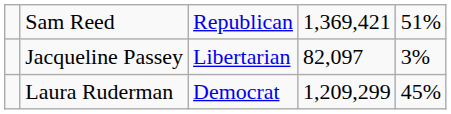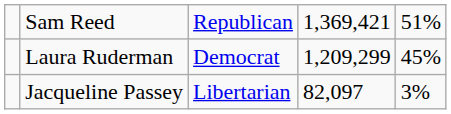 <table class="wikitable">
 <tr>
 <td style="background-color:"> </td>
 <td>Sam Reed</td>
 <td><a href='#'>Republican</a></td>
 <td>1,369,421</td>
 <td>51%</td>
 </tr>
 <tr>
 <td style="background-color:"> </td>
+<td>Laura Ruderman</td>
+<td><a href='#'>Democrat</a></td>
+<td>1,209,299</td>
+<td>45%</td>
+</tr>
+<tr>
+<td style="background-color:"> </td>
 <td>Jacqueline Passey</td>
 <td><a href='#'>Libertarian</a></td>
 <td>82,097</td>
 <td>3%</td>
 </tr>
-<tr>
-<td style="background-color:"> </td>
-<td>Laura Ruderman</td>
-<td><a href='#'>Democrat</a></td>
-<td>1,209,299</td>
-<td>45%</td>
-</tr>
 </table>
